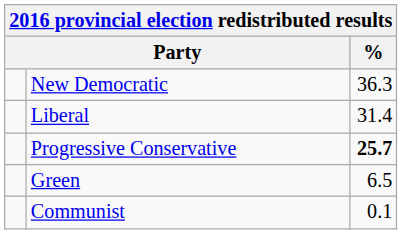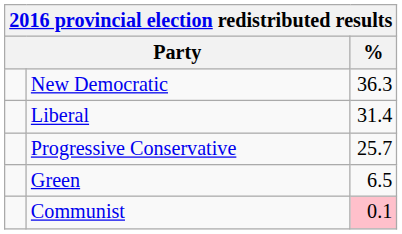 <table class="wikitable">
 <tr>
 <th colspan="4"><a href='#'>2016 provincial election</a> redistributed results</th>
 </tr>
 <tr>
 <th bgcolor="#DDDDFF" width="130px" colspan="2">Party</th>
 <th bgcolor="#DDDDFF" width="30px">%</th>
 </tr>
 <tr>
 <td> </td>
 <td><a href='#'>New Democratic</a></td>
 <td align=right>36.3</td>
 </tr>
 <tr>
 <td> </td>
 <td><a href='#'>Liberal</a></td>
 <td align=right>31.4</td>
 </tr>
 <tr>
 <td> </td>
 <td><a href='#'>Progressive Conservative</a></td>
-<td align=right><strong>25.7</strong></td>
+<td align=right>25.7</td>
 </tr>
 <tr>
 <td> </td>
 <td><a href='#'>Green</a></td>
 <td align=right>6.5</td>
 </tr>
 <tr>
 <td> </td>
 <td><a href='#'>Communist</a></td>
-<td align=right>0.1</td>
+<td align=right style="background: pink;">0.1</td>
 </tr>
 </table>
